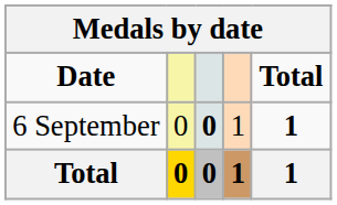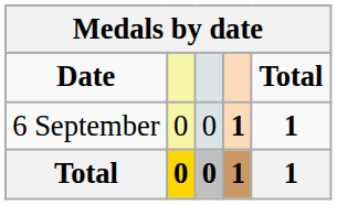 <table class="wikitable" style="font-size:85%">
 <tr bgcolor="#efefef">
 <th colspan=6>Medals by date</th>
 </tr>
 <tr align=center>
 <td><strong>Date</strong></td>
 <td bgcolor=#f7f6a8></td>
 <td bgcolor=#dce5e5></td>
 <td bgcolor=#ffdab9></td>
 <td><strong>Total</strong></td>
 </tr>
 <tr align=center>
 <td>6 September</td>
 <td style="background:#F7F6A8;">0</td>
-<td style="background:#DCE5E5;"><strong>0</strong></td>
-<td style="background:#FFDAB9;">1</td>
+<td style="background:#DCE5E5;">0</td>
+<td style="background:#FFDAB9;"><strong>1</strong></td>
 <td><strong>1</strong></td>
 </tr>
 <tr align=center>
 <th><strong>Total</strong></th>
 <th style="background:gold;"><strong>0</strong></th>
 <th style="background:silver;"><strong>0</strong></th>
 <th style="background:#c96;"><strong>1</strong></th>
 <th>1</th>
 </tr>
 </table>
